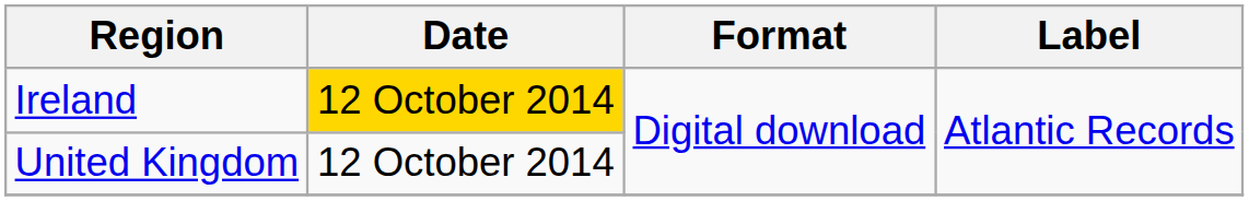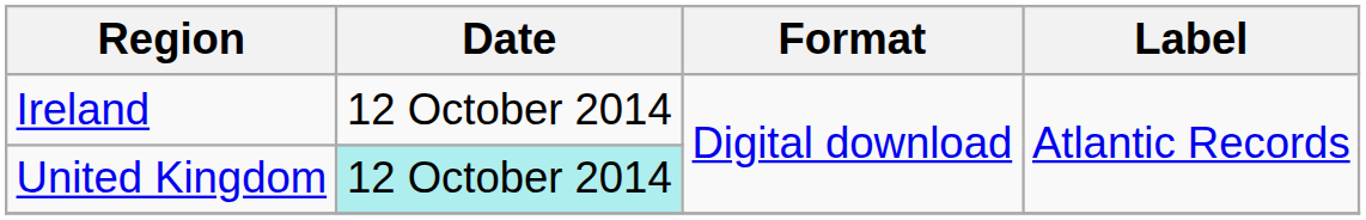 <table class=wikitable>
 <tr>
 <th>Region</th>
 <th>Date</th>
 <th>Format</th>
 <th>Label</th>
 </tr>
 <tr>
 <td><a href='#'>Ireland</a></td>
-<td style="background: gold;">12 October 2014</td>
+<td>12 October 2014</td>
 <td rowspan="2"><a href='#'>Digital download</a></td>
 <td rowspan="2"><a href='#'>Atlantic Records</a></td>
 </tr>
 <tr>
 <td><a href='#'>United Kingdom</a></td>
-<td>12 October 2014</td>
+<td style="background: paleturquoise;">12 October 2014</td>
 </tr>
 <tr>
 </tr>
 </table>
